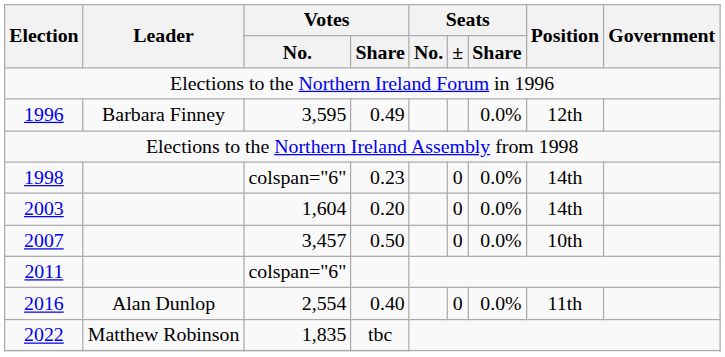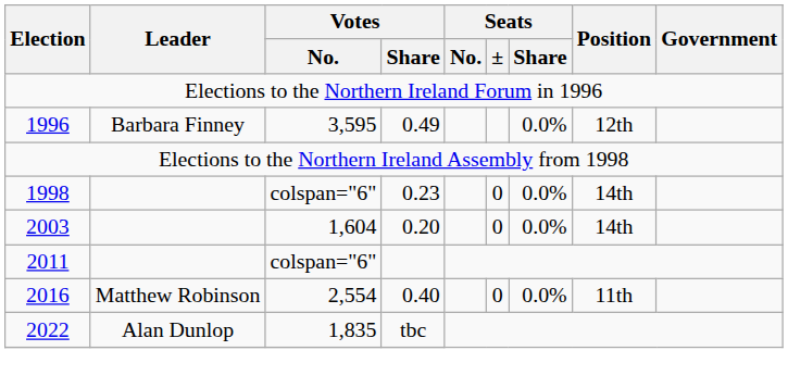 <table class="wikitable" style="text-align:center">
 <tr>
 <th rowspan=2>Election</th>
 <th rowspan=2>Leader</th>
 <th colspan=2>Votes</th>
 <th colspan=3>Seats</th>
 <th rowspan=2>Position</th>
 <th rowspan=2>Government</th>
 </tr>
 <tr>
 <th>No.</th>
 <th>Share</th>
 <th>No.</th>
 <th>±</th>
 <th>Share</th>
 </tr>
 <tr>
 <td colspan="9">Elections to the <a href='#'>Northern Ireland Forum</a> in 1996</td>
 </tr>
 <tr>
 <td align=center><a href='#'>1996</a></td>
 <td>Barbara Finney</td>
 <td align=right>3,595</td>
 <td align=right>0.49</td>
 <td></td>
 <td></td>
 <td align=right>0.0%</td>
 <td>12th</td>
 <td></td>
 </tr>
 <tr>
 <td colspan="9">Elections to the <a href='#'>Northern Ireland Assembly</a> from 1998</td>
 </tr>
 <tr>
 <td align=center><a href='#'>1998</a></td>
 <td></td>
 <td>colspan="6" </td>
 <td align=right>0.23</td>
 <td></td>
 <td> 0</td>
 <td align=right>0.0%</td>
 <td> 14th</td>
 <td></td>
 </tr>
 <tr>
 <td align=center><a href='#'>2003</a></td>
 <td></td>
 <td align=right>1,604</td>
 <td align=right>0.20</td>
 <td></td>
 <td> 0</td>
 <td align=right>0.0%</td>
 <td> 14th</td>
 <td></td>
 </tr>
 <tr>
-<td align=center><a href='#'>2007</a></td>
-<td></td>
-<td align=right>3,457</td>
-<td align=right>0.50</td>
-<td></td>
-<td> 0</td>
-<td align=right>0.0%</td>
-<td> 10th</td>
-<td></td>
-</tr>
-<tr>
 <td align=center><a href='#'>2011</a></td>
 <td></td>
 <td>colspan="6" </td>
 <td></td>
 </tr>
 <tr>
 <td align=center><a href='#'>2016</a></td>
-<td>Alan Dunlop</td>
+<td>Matthew Robinson</td>
 <td align=right>2,554</td>
 <td align=right>0.40</td>
 <td></td>
 <td> 0</td>
 <td align=right>0.0%</td>
 <td> 11th</td>
 <td></td>
 </tr>
 <tr>
 <td align=center><a href='#'>2022</a></td>
-<td>Matthew Robinson</td>
+<td>Alan Dunlop</td>
 <td align=right>1,835</td>
 <td>tbc</td>
 </tr>
 <tr>
 </tr>
 </table>
